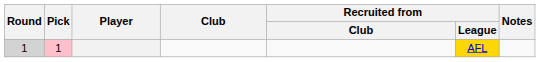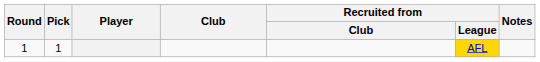 <table class="wikitable sortable plainrowheaders" style="text-align:center;">
 <tr>
 <th rowspan=2>Round</th>
 <th rowspan=2>Pick</th>
 <th rowspan=2 style="width: 90pt">Player</th>
 <th rowspan=2 style="width: 110pt">Club</th>
 <th colspan=2>Recruited from</th>
 <th class="unsortable" rowspan=2>Notes</th>
 </tr>
 <tr>
 <th style="width: 200pt">Club</th>
 <th>League</th>
 </tr>
 <tr>
-<td rowspan=1 style="background: lightgrey;">1</td>
-<td style="background: pink;">1</td>
+<td rowspan=1>1</td>
+<td>1</td>
 <th scope=row></th>
 <td></td>
 <td></td>
 <td style="background: gold;"><a href='#'>AFL</a></td>
 <td></td>
 </tr>
 </table>
